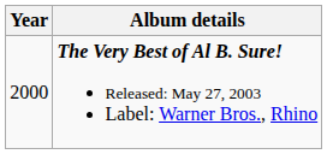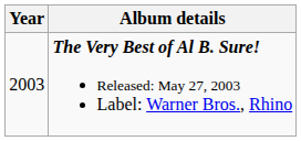 <table class="wikitable plainrowheaders" style="text-align:center;">
 <tr>
 <th>Year</th>
 <th>Album details</th>
 </tr>
 <tr>
-<td>2000</td>
+<td>2003</td>
 <td align="left"><strong><em>The Very Best of Al B. Sure! </em></strong><br><ul><li><small>Released: May 27, 2003</small></li><li>Label: <a href='#'>Warner Bros.</a>, <a href='#'>Rhino</a></li></ul></td>
 </tr>
 </table>
